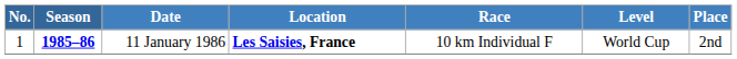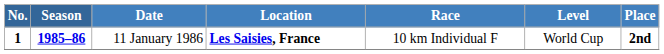 <table class="wikitable sortable" style="font-size:95%; text-align:center; border:grey solid 1px; border-collapse:collapse; background:#ffffff;">
 <tr style="background:#efefef;">
 <th style="background-color:#369; color:white;">No.</th>
 <th style="background-color:#369; color:white;">Season</th>
 <th style="background-color:#4180be; color:white; width:120px;">Date</th>
 <th style="background-color:#4180be; color:white; width:170px;">Location</th>
 <th style="background-color:#4180be; color:white; width:170px;">Race</th>
 <th style="background-color:#4180be; color:white; width:100px;">Level</th>
 <th style="background-color:#4180be; color:white;">Place</th>
 </tr>
 <tr>
-<td align=center>1</td>
+<td align=center><strong>1</strong></td>
 <td rowspan=1 align=center><strong> <a href='#'>1985–86</a> </strong></td>
 <td align=right>11 January 1986</td>
 <td align=left><strong> <a href='#'>Les Saisies</a>, France</strong></td>
 <td>10 km Individual F</td>
 <td>World Cup</td>
-<td>2nd</td>
+<td><strong>2nd</strong></td>
 </tr>
 <tr>
 </tr>
 </table>
